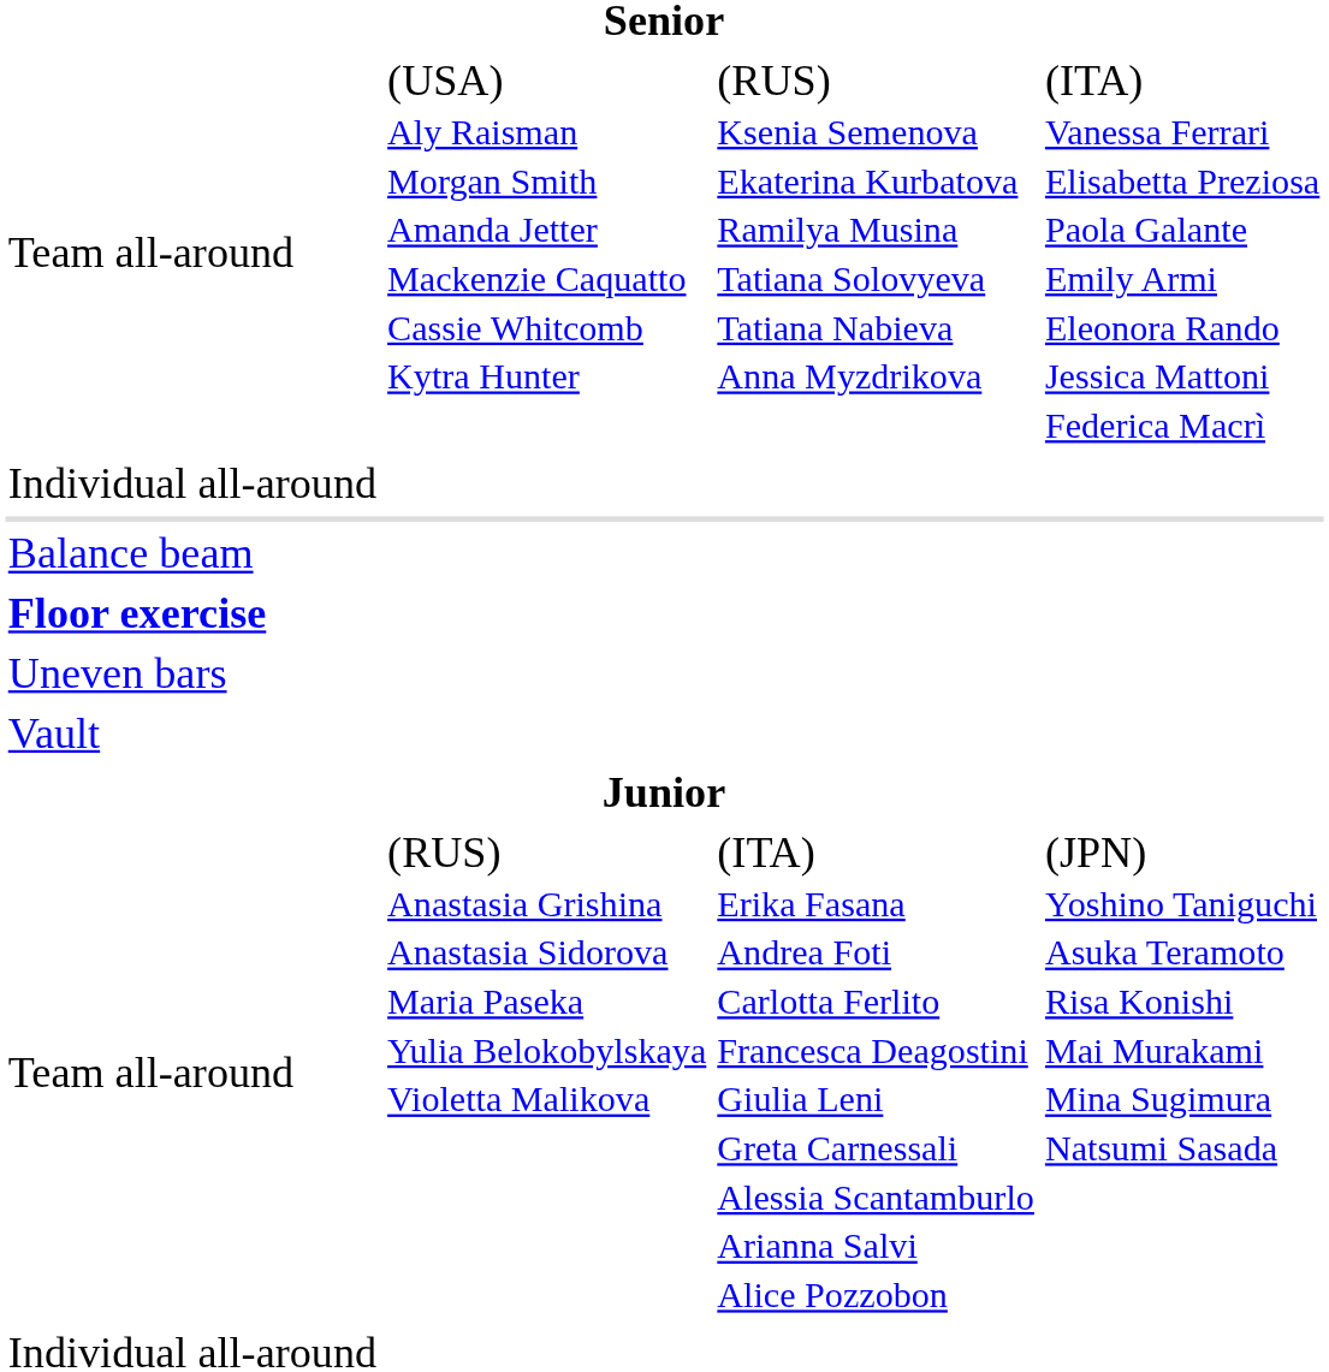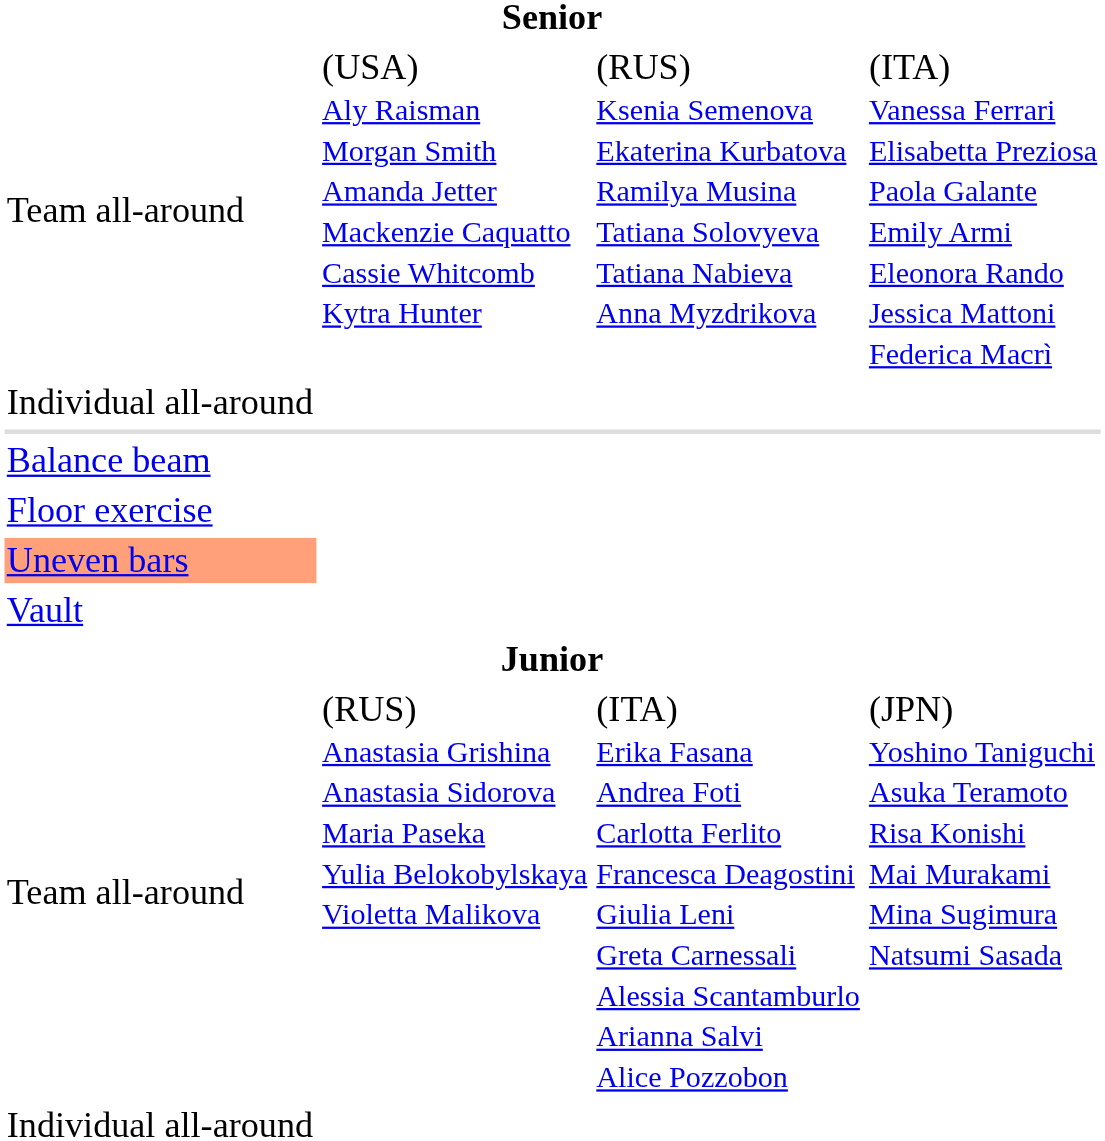 <table>
 <tr>
 <th colspan="4">Senior</th>
 </tr>
 <tr>
 <td>Team all-around<br></td>
 <td> (USA)<br><small><a href='#'>Aly Raisman</a><br><a href='#'>Morgan Smith</a><br><a href='#'>Amanda Jetter</a><br><a href='#'>Mackenzie Caquatto</a><br><a href='#'>Cassie Whitcomb</a><br><a href='#'>Kytra Hunter</a><br><br></small></td>
 <td> (RUS)<br><small><a href='#'>Ksenia Semenova</a><br><a href='#'>Ekaterina Kurbatova</a><br><a href='#'>Ramilya Musina</a><br><a href='#'>Tatiana Solovyeva</a><br><a href='#'>Tatiana Nabieva</a><br><a href='#'>Anna Myzdrikova</a><br><br></small></td>
 <td> (ITA)<br><small><a href='#'>Vanessa Ferrari</a><br><a href='#'>Elisabetta Preziosa</a><br><a href='#'>Paola Galante</a><br><a href='#'>Emily Armi</a><br><a href='#'>Eleonora Rando</a><br><a href='#'>Jessica Mattoni</a><br><a href='#'>Federica Macrì</a></small></td>
 </tr>
 <tr>
 <td>Individual all-around<br></td>
 <td></td>
 <td></td>
 <td></td>
 </tr>
 <tr bgcolor=#DDDDDD>
 <td colspan=7></td>
 </tr>
 <tr>
 <td><a href='#'>Balance beam</a><br></td>
 <td></td>
 <td></td>
 <td></td>
 </tr>
 <tr>
-<td><strong><a href='#'>Floor exercise</a><br></strong></td>
+<td><a href='#'>Floor exercise</a><br></td>
 <td></td>
 <td></td>
 <td></td>
 </tr>
 <tr>
-<td><a href='#'>Uneven bars</a><br></td>
+<td style="background: lightsalmon;"><a href='#'>Uneven bars</a><br></td>
 <td></td>
 <td></td>
 <td></td>
 </tr>
 <tr>
 <td><a href='#'>Vault</a><br></td>
 <td></td>
 <td></td>
 <td></td>
 </tr>
 <tr>
 <th colspan="4">Junior</th>
 </tr>
 <tr>
 <td>Team all-around<br></td>
 <td> (RUS)<br><small><a href='#'>Anastasia Grishina</a><br><a href='#'>Anastasia Sidorova</a><br><a href='#'>Maria Paseka</a><br><a href='#'>Yulia Belokobylskaya</a><br><a href='#'>Violetta Malikova</a><br><br><br><br><br></small></td>
 <td> (ITA)<br><small><a href='#'>Erika Fasana</a><br><a href='#'>Andrea Foti</a><br><a href='#'>Carlotta Ferlito</a><br><a href='#'>Francesca Deagostini</a><br><a href='#'>Giulia Leni</a><br><a href='#'>Greta Carnessali</a><br><a href='#'>Alessia Scantamburlo</a><br><a href='#'>Arianna Salvi</a><br><a href='#'>Alice Pozzobon</a></small></td>
 <td> (JPN)<br><small><a href='#'>Yoshino Taniguchi</a><br><a href='#'>Asuka Teramoto</a><br><a href='#'>Risa Konishi</a><br><a href='#'>Mai Murakami</a><br><a href='#'>Mina Sugimura</a><br><a href='#'>Natsumi Sasada</a><br><br><br><br></small></td>
 </tr>
 <tr>
 <td>Individual all-around<br></td>
 <td></td>
 <td></td>
 <td></td>
 </tr>
 </table>
